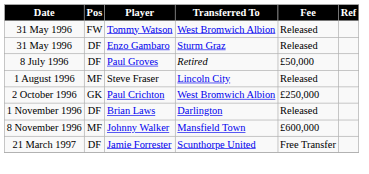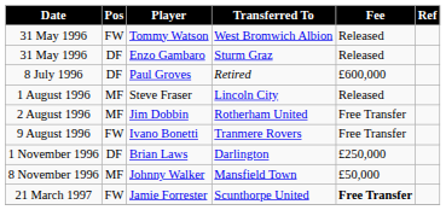 <table class="wikitable plainrowheaders sortable">
 <tr>
 <th style="background:#000000; color:#FFFFFF; ">Date</th>
 <th style="background:#000000; color:#FFFFff; ">Pos</th>
 <th style="background:#000000; color:#FFFFff; ">Player</th>
 <th style="background:#000000; color:#FFFFff; ">Transferred To</th>
 <th style="background:#000000; color:#FFFFff; ">Fee</th>
 <th style="background:#000000; color:#FFFFff; ">Ref</th>
 </tr>
 <tr>
 <td align="center">31 May 1996</td>
 <td align="center">FW</td>
 <td> <a href='#'>Tommy Watson</a></td>
 <td> <a href='#'>West Bromwich Albion</a></td>
 <td>Released</td>
 <td></td>
 </tr>
 <tr>
 <td align="center">31 May 1996</td>
 <td align="center">DF</td>
 <td> <a href='#'>Enzo Gambaro</a></td>
 <td> <a href='#'>Sturm Graz</a></td>
 <td>Released</td>
 <td></td>
 </tr>
 <tr>
 <td align="center">8 July 1996</td>
 <td align="center">DF</td>
 <td> <a href='#'>Paul Groves</a></td>
 <td><em>Retired</em></td>
-<td>£50,000</td>
+<td>£600,000</td>
 <td></td>
 </tr>
 <tr>
 <td align="center">1 August 1996</td>
 <td align="center">MF</td>
 <td> Steve Fraser</td>
 <td> <a href='#'>Lincoln City</a></td>
 <td>Released</td>
 <td></td>
 </tr>
 <tr>
-<td align="center">2 October 1996</td>
-<td align="center">GK</td>
-<td> <a href='#'>Paul Crichton</a></td>
-<td> <a href='#'>West Bromwich Albion</a></td>
-<td>£250,000</td>
+<td align="center">2 August 1996</td>
+<td align="center">MF</td>
+<td> <a href='#'>Jim Dobbin</a></td>
+<td> <a href='#'>Rotherham United</a></td>
+<td>Free Transfer</td>
+<td></td>
+</tr>
+<tr>
+<td align="center">9 August 1996</td>
+<td align="center">FW</td>
+<td> <a href='#'>Ivano Bonetti</a></td>
+<td> <a href='#'>Tranmere Rovers</a></td>
+<td>Free Transfer</td>
 <td></td>
 </tr>
 <tr>
 <td align="center">1 November 1996</td>
 <td align="center">DF</td>
 <td> <a href='#'>Brian Laws</a></td>
 <td> <a href='#'>Darlington</a></td>
-<td>Released</td>
+<td>£250,000</td>
 <td></td>
 </tr>
 <tr>
 <td align="center">8 November 1996</td>
 <td align="center">MF</td>
 <td> <a href='#'>Johnny Walker</a></td>
 <td> <a href='#'>Mansfield Town</a></td>
-<td>£600,000</td>
+<td>£50,000</td>
 <td></td>
 </tr>
 <tr>
 <td align="center">21 March 1997</td>
-<td align="center">DF</td>
+<td align="center">FW</td>
 <td> <a href='#'>Jamie Forrester</a></td>
 <td> <a href='#'>Scunthorpe United</a></td>
-<td>Free Transfer</td>
+<td><strong>Free Transfer</strong></td>
 <td></td>
 </tr>
 <tr>
 </tr>
 </table>
